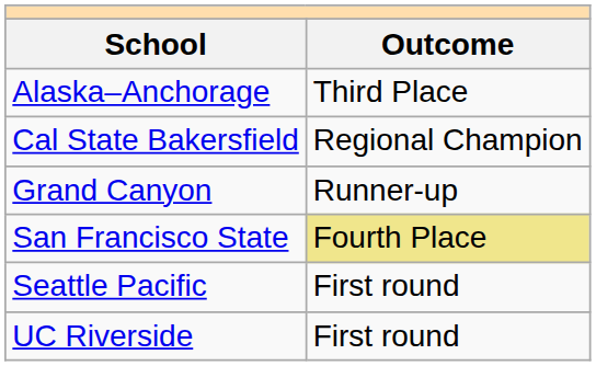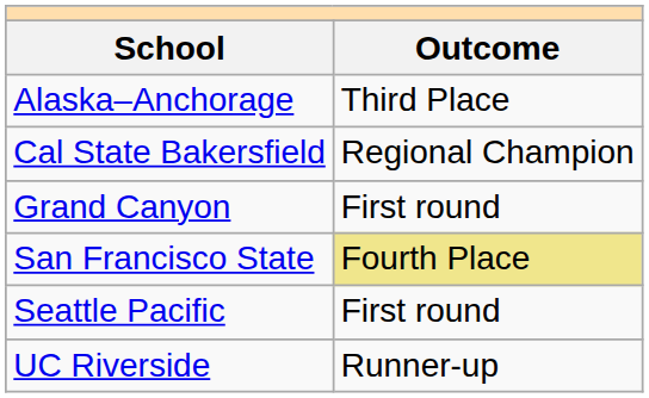 <table class="wikitable" style="float:left; margin-right:1em;">
 <tr>
 <th colspan="3" style="background:#ffdead;"></th>
 </tr>
 <tr>
 <th>School</th>
 <th>Outcome</th>
 </tr>
 <tr>
 <td><a href='#'>Alaska–Anchorage</a></td>
 <td>Third Place</td>
 </tr>
 <tr>
 <td><a href='#'>Cal State Bakersfield</a></td>
 <td>Regional Champion</td>
 </tr>
 <tr>
 <td><a href='#'>Grand Canyon</a></td>
-<td>Runner-up</td>
+<td>First round</td>
 </tr>
 <tr>
 <td><a href='#'>San Francisco State</a></td>
 <td style="background: khaki;">Fourth Place</td>
 </tr>
 <tr>
 <td><a href='#'>Seattle Pacific</a></td>
 <td>First round</td>
 </tr>
 <tr>
 <td><a href='#'>UC Riverside</a></td>
-<td>First round</td>
+<td>Runner-up</td>
 </tr>
 </table>
